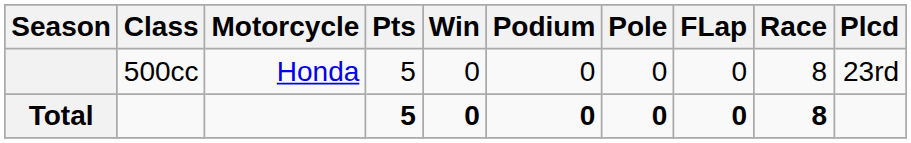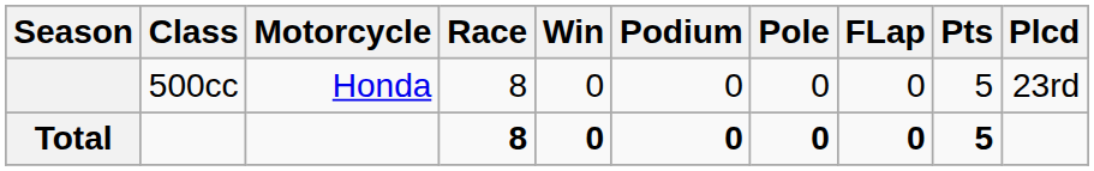 <table class="wikitable">
 <tr>
 <th>Season</th>
 <th>Class</th>
 <th>Motorcycle</th>
-<th>Pts</th>
+<th>Race</th>
 <th>Win</th>
 <th>Podium</th>
 <th>Pole</th>
 <th>FLap</th>
-<th>Race</th>
+<th>Pts</th>
 <th>Plcd</th>
 </tr>
 <tr align="right">
 <th></th>
 <td>500cc</td>
 <td><a href='#'>Honda</a></td>
-<td>5</td>
+<td>8</td>
 <td>0</td>
 <td>0</td>
 <td>0</td>
 <td>0</td>
-<td>8</td>
+<td>5</td>
 <td>23rd</td>
 </tr>
 <tr align="right">
 <th>Total</th>
 <td></td>
 <td></td>
-<td><strong>5</strong></td>
+<td><strong>8</strong></td>
 <td><strong>0</strong></td>
 <td><strong>0</strong></td>
 <td><strong>0</strong></td>
 <td><strong>0</strong></td>
-<td><strong>8</strong></td>
+<td><strong>5</strong></td>
 <td></td>
 </tr>
 </table>
